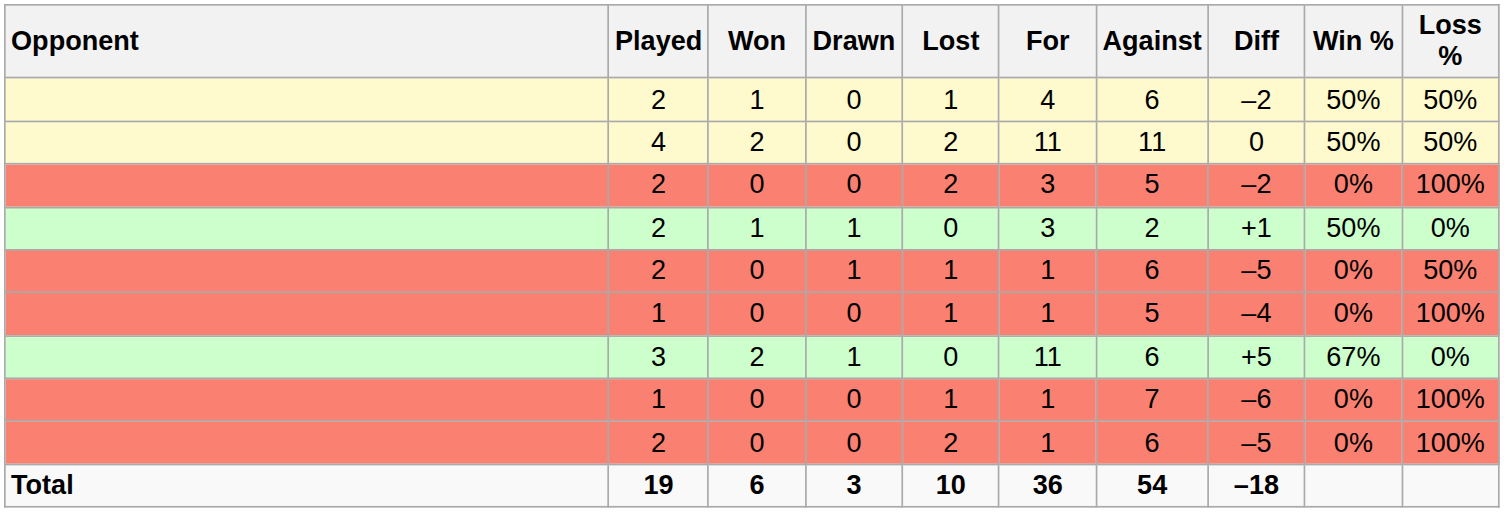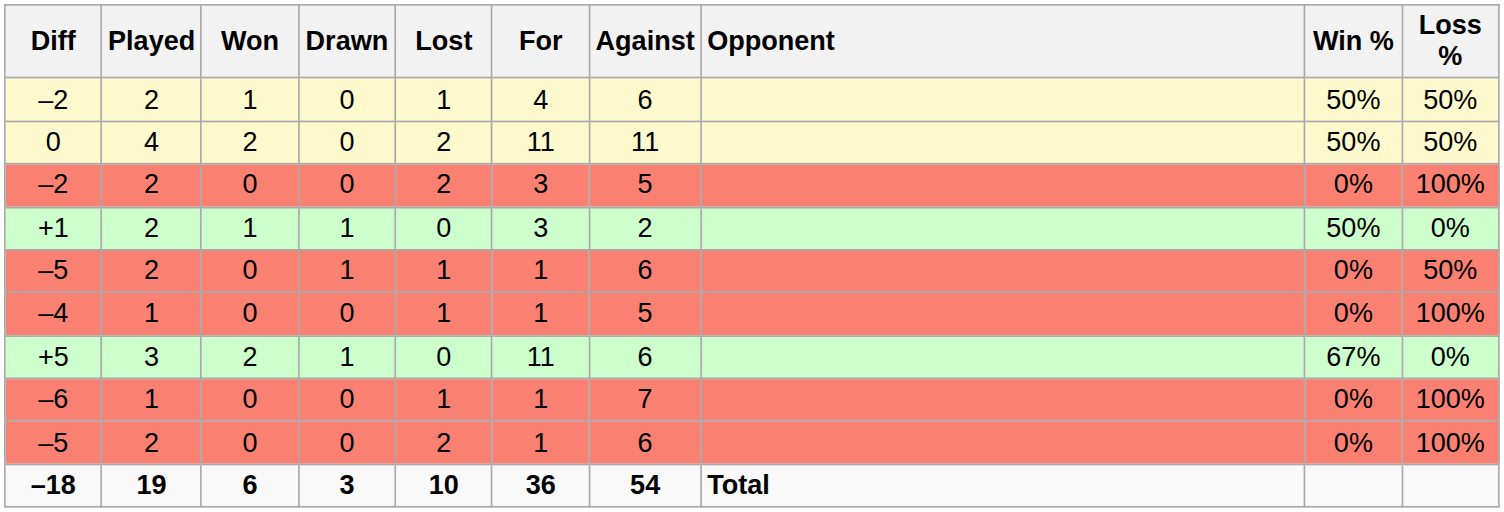 <table class="wikitable sortable" style="text-align:center;">
 <tr>
-<th style="width:350px; text-align:left;">Opponent</th>
+<th style="width:50px;">Diff</th>
 <th style="width:50px;">Played</th>
 <th style="width:50px;">Won</th>
 <th style="width:50px;">Drawn</th>
 <th style="width:50px;">Lost</th>
 <th style="width:50px;">For</th>
 <th style="width:50px;">Against</th>
-<th style="width:50px;">Diff</th>
+<th style="width:350px; text-align:left;">Opponent</th>
 <th style="width:50px;">Win %</th>
 <th style="width:50px;">Loss %</th>
 </tr>
 <tr bgcolor=LemonChiffon>
-<td style="text-align:left;"><strong></strong></td>
+<td>–2</td>
 <td>2</td>
 <td>1</td>
 <td>0</td>
 <td>1</td>
 <td>4</td>
 <td>6</td>
-<td>–2</td>
+<td style="text-align:left;"><strong></strong></td>
 <td>50%</td>
 <td>50%</td>
 </tr>
 <tr bgcolor=LemonChiffon>
-<td style="text-align:left;"><strong></strong></td>
+<td>0</td>
 <td>4</td>
 <td>2</td>
 <td>0</td>
 <td>2</td>
 <td>11</td>
 <td>11</td>
-<td>0</td>
+<td style="text-align:left;"><strong></strong></td>
 <td>50%</td>
 <td>50%</td>
 </tr>
 <tr bgcolor=Salmon>
-<td style="text-align:left;"><strong></strong></td>
+<td>–2</td>
 <td>2</td>
 <td>0</td>
 <td>0</td>
 <td>2</td>
 <td>3</td>
 <td>5</td>
-<td>–2</td>
+<td style="text-align:left;"><strong></strong></td>
 <td>0%</td>
 <td>100%</td>
 </tr>
 <tr bgcolor=#ccffcc>
-<td style="text-align:left;"><strong></strong></td>
+<td>+1</td>
 <td>2</td>
 <td>1</td>
 <td>1</td>
 <td>0</td>
 <td>3</td>
 <td>2</td>
-<td>+1</td>
+<td style="text-align:left;"><strong></strong></td>
 <td>50%</td>
 <td>0%</td>
 </tr>
 <tr bgcolor=Salmon>
-<td style="text-align:left;"><strong></strong></td>
+<td>–5</td>
 <td>2</td>
 <td>0</td>
 <td>1</td>
 <td>1</td>
 <td>1</td>
 <td>6</td>
-<td>–5</td>
+<td style="text-align:left;"><strong></strong></td>
 <td>0%</td>
 <td>50%</td>
 </tr>
 <tr bgcolor=Salmon>
-<td style="text-align:left;"><strong></strong></td>
+<td>–4</td>
 <td>1</td>
 <td>0</td>
 <td>0</td>
 <td>1</td>
 <td>1</td>
 <td>5</td>
-<td>–4</td>
+<td style="text-align:left;"><strong></strong></td>
 <td>0%</td>
 <td>100%</td>
 </tr>
 <tr bgcolor=#ccffcc>
-<td style="text-align:left;"><strong></strong></td>
+<td>+5</td>
 <td>3</td>
 <td>2</td>
 <td>1</td>
 <td>0</td>
 <td>11</td>
 <td>6</td>
-<td>+5</td>
+<td style="text-align:left;"><strong></strong></td>
 <td>67%</td>
 <td>0%</td>
 </tr>
 <tr bgcolor=Salmon>
-<td style="text-align:left;"><strong></strong></td>
+<td>–6</td>
 <td>1</td>
 <td>0</td>
 <td>0</td>
 <td>1</td>
 <td>1</td>
 <td>7</td>
-<td>–6</td>
+<td style="text-align:left;"><strong></strong></td>
 <td>0%</td>
 <td>100%</td>
 </tr>
 <tr bgcolor=Salmon>
-<td style="text-align:left;"><strong></strong></td>
+<td>–5</td>
 <td>2</td>
 <td>0</td>
 <td>0</td>
 <td>2</td>
 <td>1</td>
 <td>6</td>
-<td>–5</td>
+<td style="text-align:left;"><strong></strong></td>
 <td>0%</td>
 <td>100%</td>
 </tr>
 <tr>
-<td style="text-align:left;"><strong>Total</strong></td>
+<td><strong>–18</strong></td>
 <td><strong>19</strong></td>
 <td><strong>6</strong></td>
 <td><strong>3</strong></td>
 <td><strong>10</strong></td>
 <td><strong>36</strong></td>
 <td><strong>54</strong></td>
-<td><strong>–18</strong></td>
+<td style="text-align:left;"><strong>Total</strong></td>
 <td><strong></strong></td>
 <td><strong></strong></td>
 </tr>
 </table>
